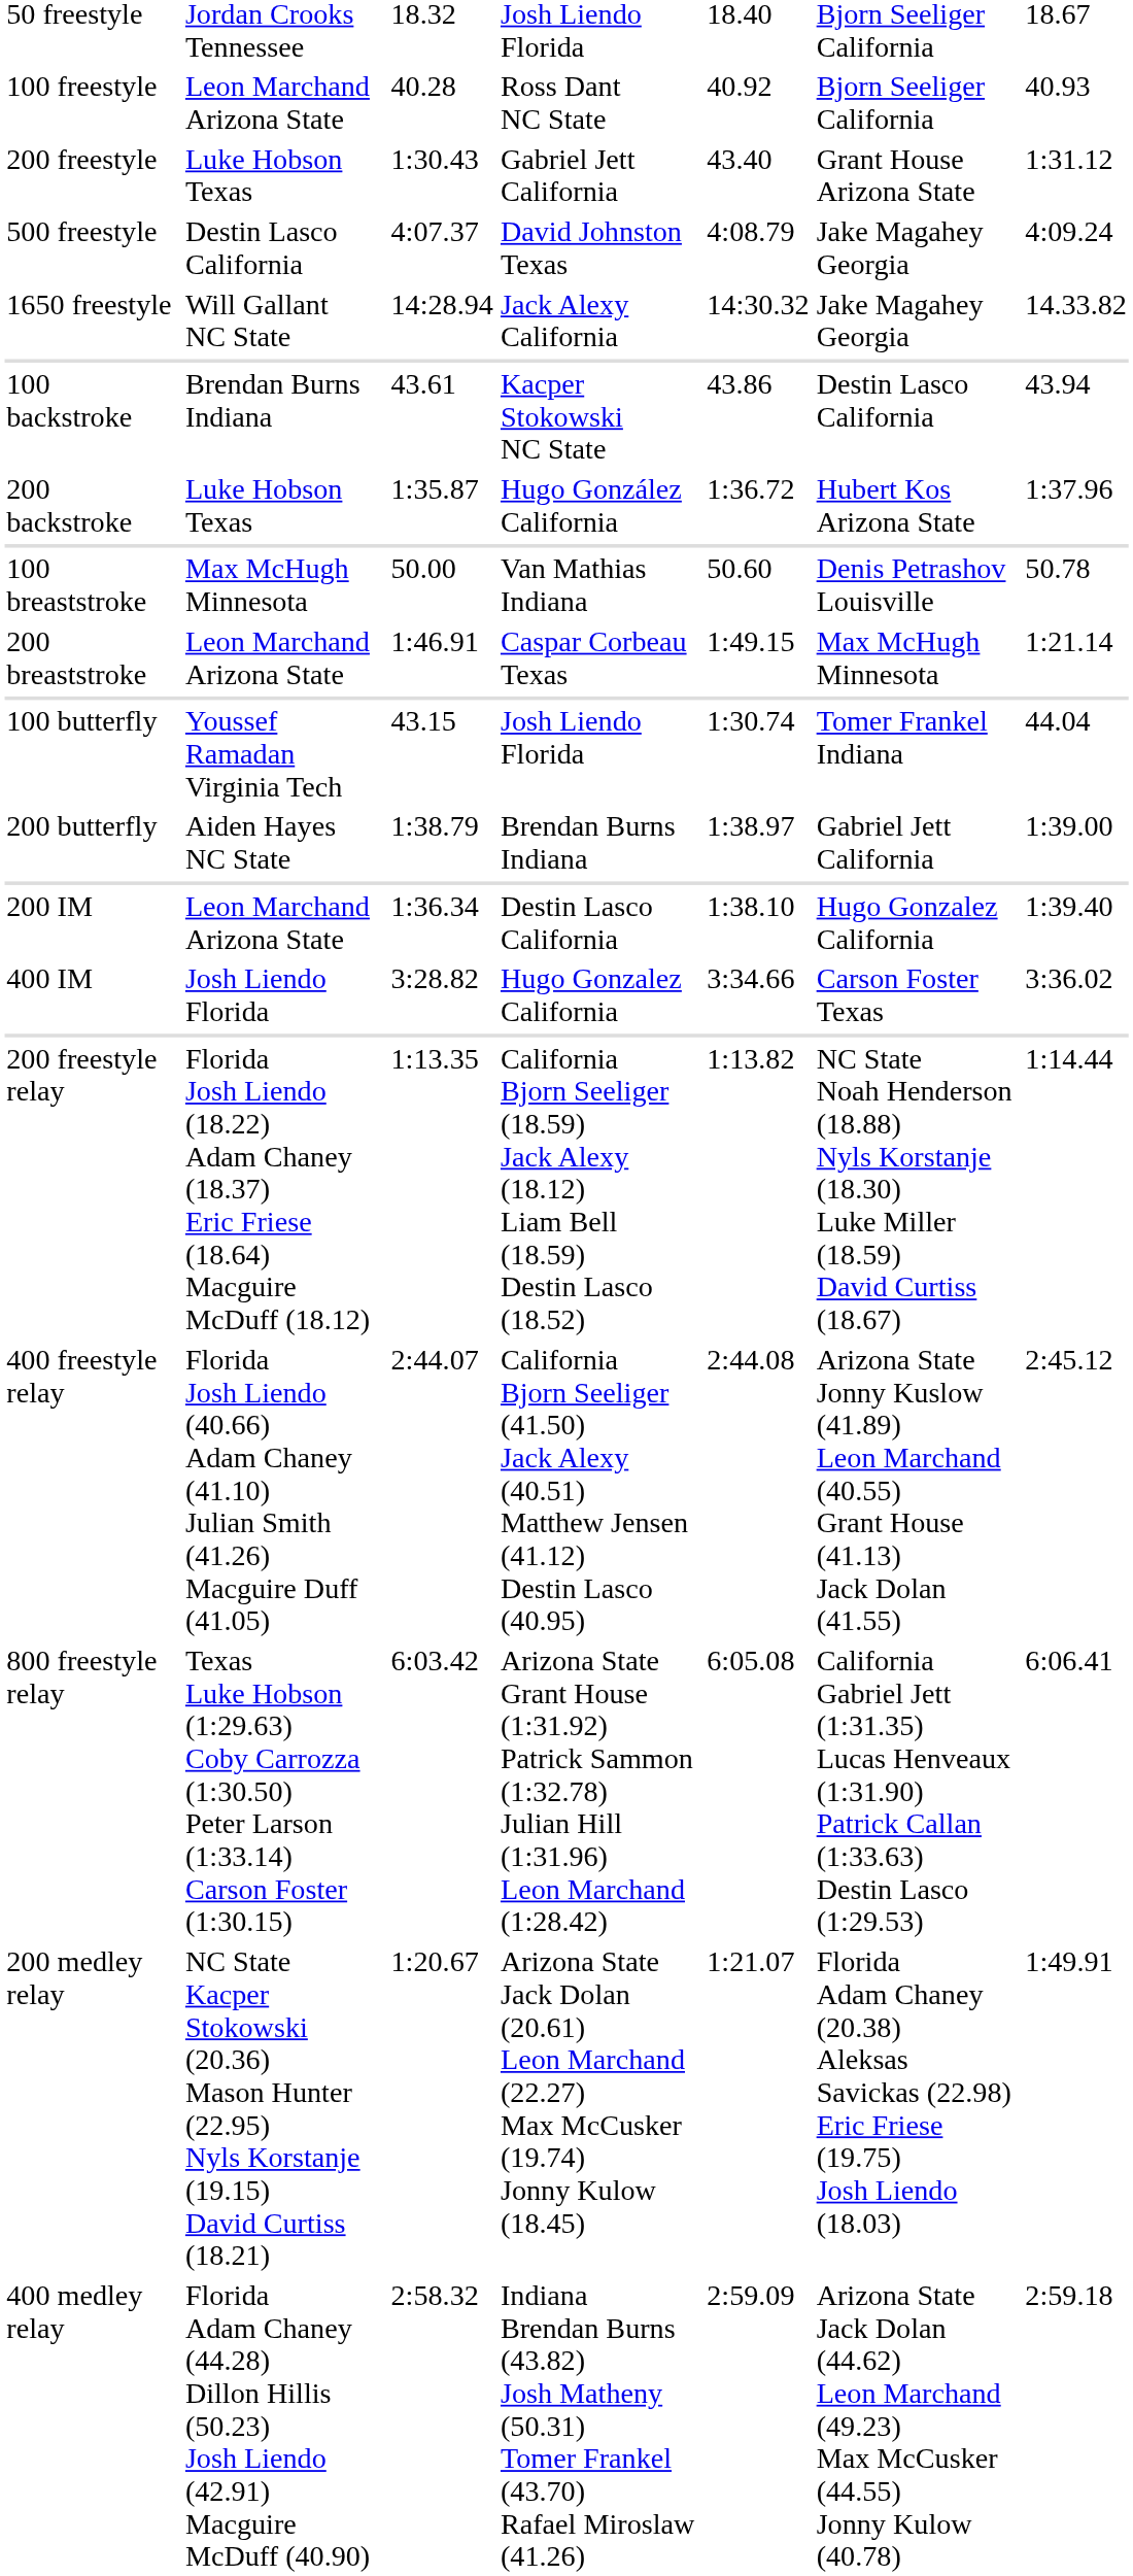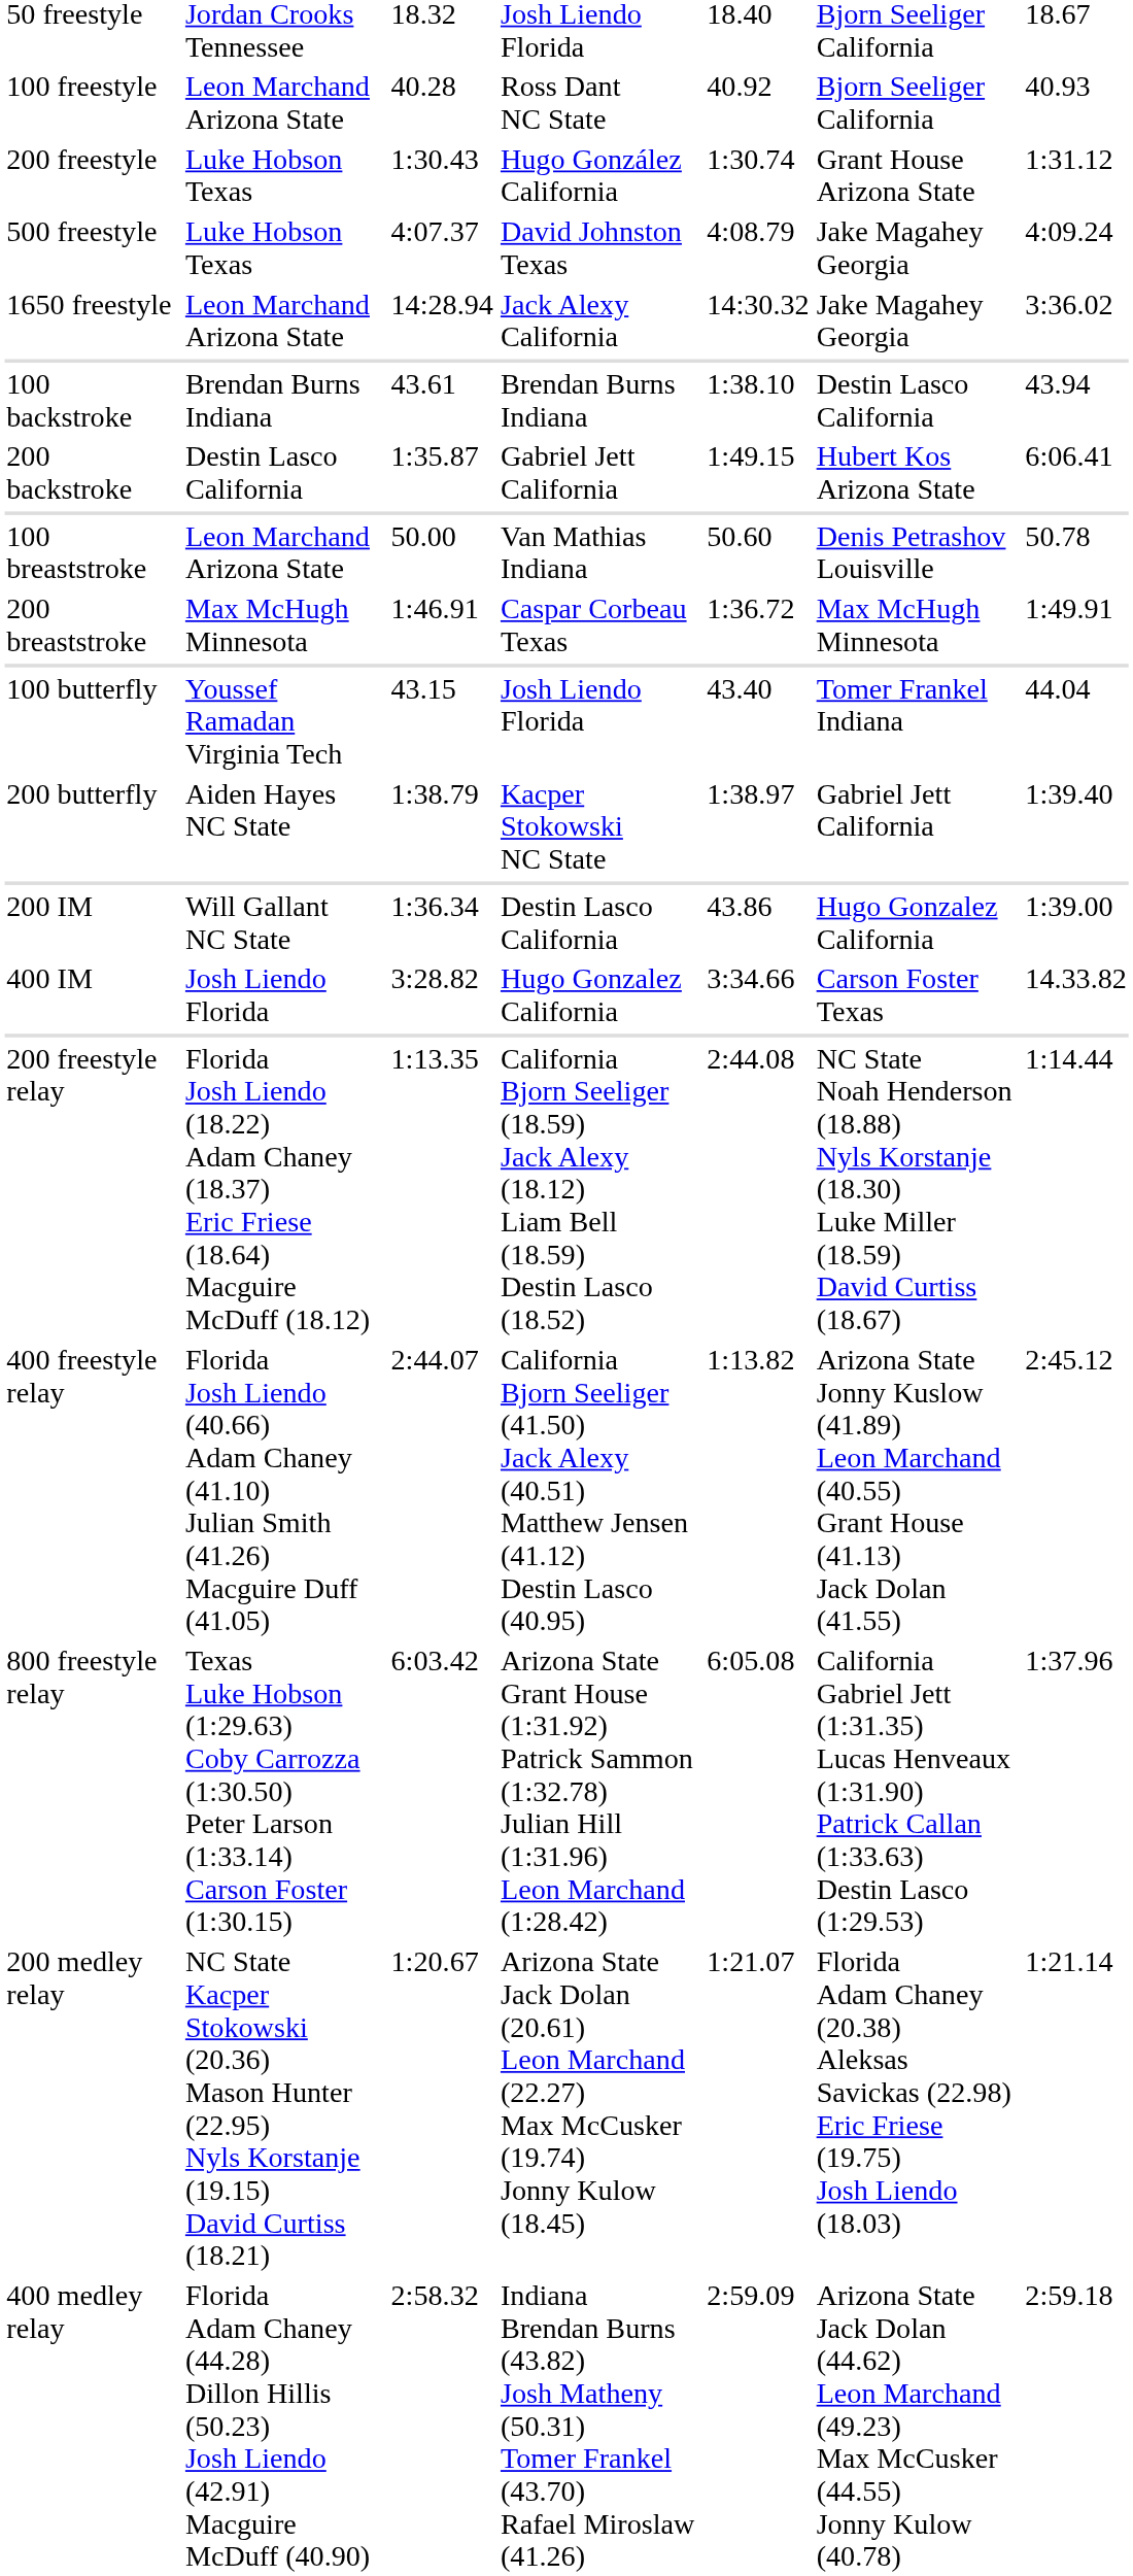 <table>
 <tr valign="top">
 <td>50 freestyle</td>
 <td><a href='#'>Jordan Crooks</a><br>Tennessee</td>
 <td>18.32</td>
 <td><a href='#'>Josh Liendo</a><br>Florida</td>
 <td>18.40</td>
 <td><a href='#'>Bjorn Seeliger</a><br>California</td>
 <td>18.67</td>
 </tr>
 <tr valign="top">
 <td>100 freestyle</td>
 <td><a href='#'>Leon Marchand</a><br>Arizona State</td>
 <td>40.28</td>
 <td>Ross Dant<br>NC State</td>
 <td>40.92</td>
 <td><a href='#'>Bjorn Seeliger</a><br>California</td>
 <td>40.93</td>
 </tr>
 <tr valign="top">
 <td>200 freestyle</td>
 <td><a href='#'>Luke Hobson</a><br>Texas</td>
 <td>1:30.43</td>
-<td>Gabriel Jett<br>California</td>
-<td>43.40</td>
+<td><a href='#'>Hugo González</a><br>California</td>
+<td>1:30.74</td>
 <td>Grant House<br>Arizona State</td>
 <td>1:31.12</td>
 </tr>
 <tr valign="top">
 <td>500 freestyle</td>
-<td>Destin Lasco<br>California</td>
+<td><a href='#'>Luke Hobson</a><br>Texas</td>
 <td>4:07.37</td>
 <td><a href='#'>David Johnston</a><br>Texas</td>
 <td>4:08.79</td>
 <td>Jake Magahey<br>Georgia</td>
 <td>4:09.24</td>
 </tr>
 <tr valign="top">
 <td>1650 freestyle</td>
-<td>Will Gallant<br>NC State</td>
+<td><a href='#'>Leon Marchand</a><br>Arizona State</td>
 <td>14:28.94</td>
 <td><a href='#'>Jack Alexy</a><br>California</td>
 <td>14:30.32</td>
 <td>Jake Magahey<br>Georgia</td>
-<td>14.33.82</td>
+<td>3:36.02</td>
 </tr>
 <tr style="background:#ddd;">
 <td colspan=10></td>
 </tr>
 <tr valign="top">
 <td>100 backstroke</td>
 <td>Brendan Burns<br>Indiana</td>
 <td>43.61</td>
-<td><a href='#'>Kacper Stokowski</a><br>NC State</td>
-<td>43.86</td>
+<td>Brendan Burns<br>Indiana</td>
+<td>1:38.10</td>
 <td>Destin Lasco<br>California</td>
 <td>43.94</td>
 </tr>
 <tr valign="top">
 <td>200 backstroke</td>
-<td><a href='#'>Luke Hobson</a><br>Texas</td>
+<td>Destin Lasco<br>California</td>
 <td>1:35.87</td>
-<td><a href='#'>Hugo González</a><br>California</td>
-<td>1:36.72</td>
+<td>Gabriel Jett<br>California</td>
+<td>1:49.15</td>
 <td><a href='#'>Hubert Kos</a><br>Arizona State</td>
-<td>1:37.96</td>
+<td>6:06.41</td>
 </tr>
 <tr style="background:#ddd;">
 <td colspan=10></td>
 </tr>
 <tr valign="top">
 <td>100 breaststroke</td>
-<td><a href='#'>Max McHugh</a><br>Minnesota</td>
+<td><a href='#'>Leon Marchand</a><br>Arizona State</td>
 <td>50.00</td>
 <td>Van Mathias<br>Indiana</td>
 <td>50.60</td>
 <td><a href='#'>Denis Petrashov</a><br>Louisville</td>
 <td>50.78</td>
 </tr>
 <tr valign="top">
 <td>200 breaststroke</td>
-<td><a href='#'>Leon Marchand</a><br>Arizona State</td>
+<td><a href='#'>Max McHugh</a><br>Minnesota</td>
 <td>1:46.91</td>
 <td><a href='#'>Caspar Corbeau</a><br>Texas</td>
-<td>1:49.15</td>
+<td>1:36.72</td>
 <td><a href='#'>Max McHugh</a><br>Minnesota</td>
-<td>1:21.14</td>
+<td>1:49.91</td>
 </tr>
 <tr style="background:#ddd;">
 <td colspan=10></td>
 </tr>
 <tr valign="top">
 <td>100 butterfly</td>
 <td><a href='#'>Youssef Ramadan</a><br>Virginia Tech</td>
 <td>43.15</td>
 <td><a href='#'>Josh Liendo</a><br>Florida</td>
-<td>1:30.74</td>
+<td>43.40</td>
 <td><a href='#'>Tomer Frankel</a><br>Indiana</td>
 <td>44.04</td>
 </tr>
 <tr valign="top">
 <td>200 butterfly</td>
 <td>Aiden Hayes<br>NC State</td>
 <td>1:38.79</td>
-<td>Brendan Burns<br>Indiana</td>
+<td><a href='#'>Kacper Stokowski</a><br>NC State</td>
 <td>1:38.97</td>
 <td>Gabriel Jett<br>California</td>
-<td>1:39.00</td>
+<td>1:39.40</td>
 </tr>
 <tr style="background:#ddd;">
 <td colspan=10></td>
 </tr>
 <tr valign="top">
 <td>200 IM</td>
-<td><a href='#'>Leon Marchand</a><br>Arizona State</td>
+<td>Will Gallant<br>NC State</td>
 <td>1:36.34</td>
 <td>Destin Lasco<br>California</td>
-<td>1:38.10</td>
+<td>43.86</td>
 <td><a href='#'>Hugo Gonzalez</a><br>California</td>
-<td>1:39.40</td>
+<td>1:39.00</td>
 </tr>
 <tr valign="top">
 <td>400 IM</td>
 <td><a href='#'>Josh Liendo</a><br>Florida</td>
 <td>3:28.82</td>
 <td><a href='#'>Hugo Gonzalez</a><br>California</td>
 <td>3:34.66</td>
 <td><a href='#'>Carson Foster</a><br>Texas</td>
-<td>3:36.02</td>
+<td>14.33.82</td>
 </tr>
 <tr style="background:#ddd;">
 <td colspan=10></td>
 </tr>
 <tr valign="top">
 <td>200 freestyle relay</td>
 <td>Florida<br><a href='#'>Josh Liendo</a> (18.22)<br>Adam Chaney (18.37)<br><a href='#'>Eric Friese</a> (18.64)<br>Macguire McDuff (18.12)</td>
 <td>1:13.35</td>
 <td>California<br><a href='#'>Bjorn Seeliger</a> (18.59)<br><a href='#'>Jack Alexy</a> (18.12) <br>Liam Bell (18.59) <br> Destin Lasco (18.52)</td>
-<td>1:13.82</td>
+<td>2:44.08</td>
 <td>NC State<br>Noah Henderson (18.88)<br><a href='#'>Nyls Korstanje</a> (18.30)<br>Luke Miller (18.59) <br><a href='#'>David Curtiss</a> (18.67)</td>
 <td>1:14.44</td>
 </tr>
 <tr valign="top">
 <td>400 freestyle relay</td>
 <td>Florida <br><a href='#'>Josh Liendo</a> (40.66) <br>Adam Chaney (41.10) <br>Julian Smith (41.26) <br>Macguire Duff (41.05)</td>
 <td>2:44.07</td>
 <td>California <br><a href='#'>Bjorn Seeliger</a> (41.50) <br><a href='#'>Jack Alexy</a> (40.51) <br>Matthew Jensen (41.12) <br>Destin Lasco (40.95)</td>
-<td>2:44.08</td>
+<td>1:13.82</td>
 <td>Arizona State <br>Jonny Kuslow (41.89) <br><a href='#'>Leon Marchand</a> (40.55) <br>Grant House (41.13) <br>Jack Dolan (41.55)</td>
 <td>2:45.12</td>
 </tr>
 <tr valign="top">
 <td>800 freestyle relay</td>
 <td>Texas <br><a href='#'>Luke Hobson</a> (1:29.63) <br><a href='#'>Coby Carrozza</a> (1:30.50) <br>Peter Larson (1:33.14) <br><a href='#'>Carson Foster</a> (1:30.15)</td>
 <td>6:03.42</td>
 <td>Arizona State <br>Grant House (1:31.92) <br>Patrick Sammon (1:32.78) <br>Julian Hill (1:31.96) <br><a href='#'>Leon Marchand</a> (1:28.42)</td>
 <td>6:05.08</td>
 <td>California <br>Gabriel Jett (1:31.35) <br>Lucas Henveaux (1:31.90) <br><a href='#'>Patrick Callan</a> (1:33.63) <br>Destin Lasco (1:29.53)</td>
-<td>6:06.41</td>
+<td>1:37.96</td>
 </tr>
 <tr valign="top">
 <td>200 medley relay</td>
 <td>NC State <br><a href='#'>Kacper Stokowski</a> (20.36) <br>Mason Hunter (22.95) <br><a href='#'>Nyls Korstanje</a> (19.15) <br><a href='#'>David Curtiss</a> (18.21)</td>
 <td>1:20.67</td>
 <td>Arizona State <br>Jack Dolan (20.61) <br><a href='#'>Leon Marchand</a> (22.27) <br>Max McCusker (19.74) <br>Jonny Kulow (18.45)</td>
 <td>1:21.07</td>
 <td>Florida<br>Adam Chaney (20.38) <br>Aleksas Savickas (22.98) <br><a href='#'>Eric Friese</a> (19.75) <br><a href='#'>Josh Liendo</a> (18.03)</td>
-<td>1:49.91</td>
+<td>1:21.14</td>
 </tr>
 <tr valign="top">
 <td>400 medley relay</td>
 <td>Florida<br>Adam Chaney (44.28) <br>Dillon Hillis (50.23) <br><a href='#'>Josh Liendo</a> (42.91) <br>Macguire McDuff (40.90)</td>
 <td>2:58.32</td>
 <td>Indiana<br>Brendan Burns (43.82) <br><a href='#'>Josh Matheny</a> (50.31) <br><a href='#'>Tomer Frankel</a> (43.70) <br>Rafael Miroslaw (41.26)</td>
 <td>2:59.09</td>
 <td>Arizona State <br>Jack Dolan (44.62) <br><a href='#'>Leon Marchand</a> (49.23) <br>Max McCusker (44.55) <br>Jonny Kulow (40.78)</td>
 <td>2:59.18</td>
 </tr>
 </table>
